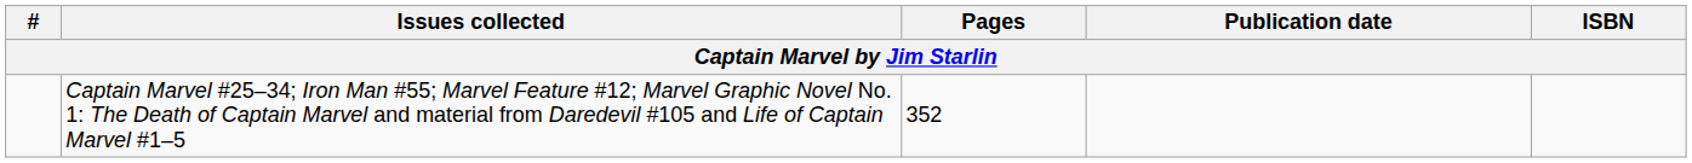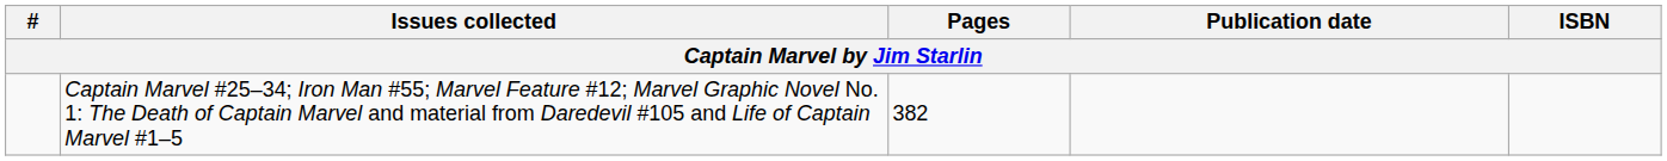 <table class="wikitable sortable" width=98%>
 <tr>
 <th class="unsortable">#</th>
 <th class="unsortable" width="50%">Issues collected</th>
 <th>Pages</th>
 <th>Publication date</th>
 <th class="unsortable">ISBN</th>
 </tr>
 <tr>
 <th colspan="5"><strong><em>Captain Marvel by <a href='#'>Jim Starlin</a></em></strong></th>
 </tr>
 <tr>
 <td></td>
 <td><em>Captain Marvel</em> #25–34; <em>Iron Man</em> #55; <em>Marvel Feature</em> #12; <em>Marvel Graphic Novel</em> No. 1: <em>The Death of Captain Marvel</em> and material from <em>Daredevil</em> #105 and <em>Life of Captain Marvel</em> #1–5</td>
-<td>352</td>
+<td>382</td>
 <td></td>
 <td></td>
 </tr>
 </table>
